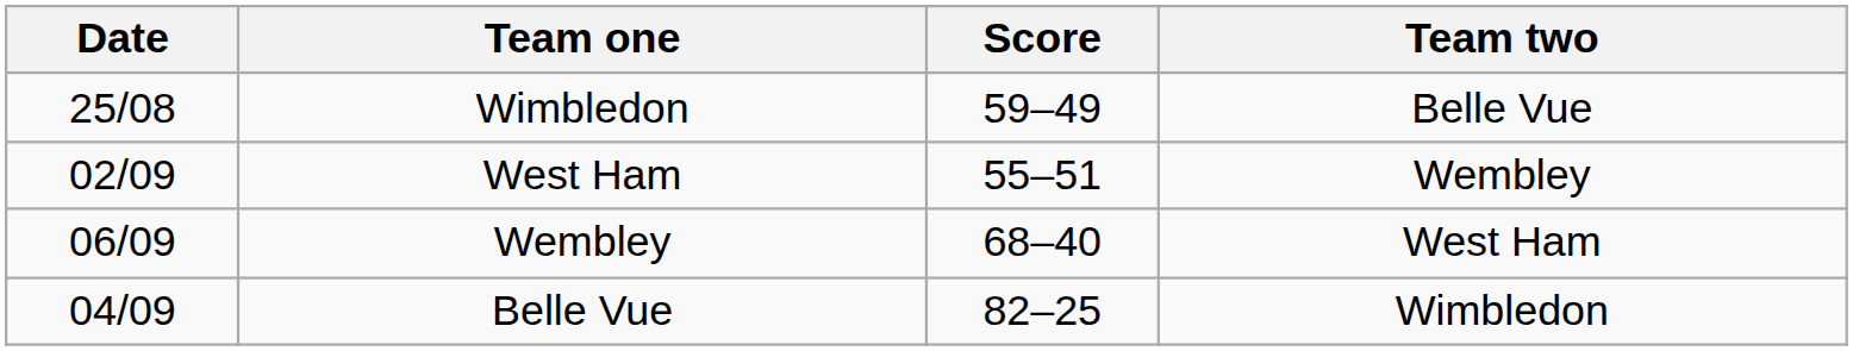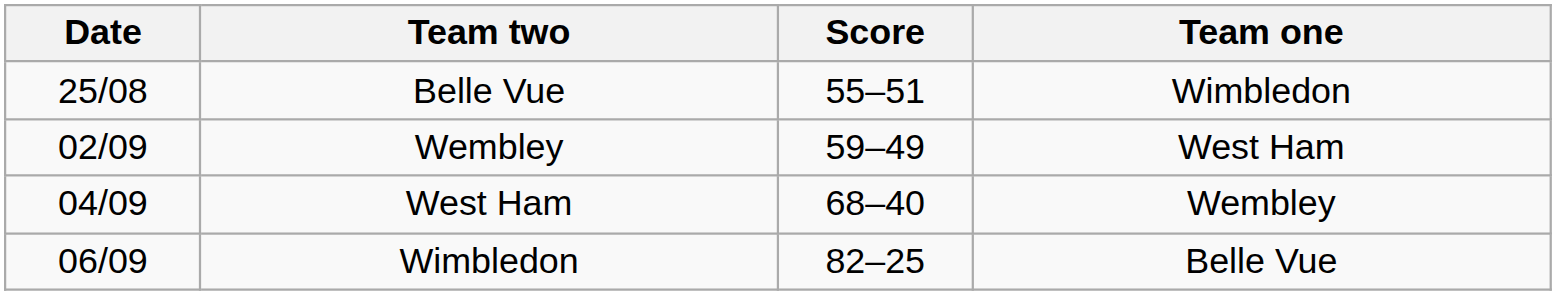 <table class="wikitable" style="text-align: center">
 <tr>
 <th width=80>Date</th>
+<th width=250>Team two</th>
+<th width=80>Score</th>
 <th width=250>Team one</th>
-<th width=80>Score</th>
-<th width=250>Team two</th>
 </tr>
 <tr>
 <td>25/08</td>
+<td>Belle Vue</td>
+<td>55–51</td>
 <td>Wimbledon</td>
-<td>59–49</td>
-<td>Belle Vue</td>
 </tr>
 <tr>
 <td>02/09</td>
+<td>Wembley</td>
+<td>59–49</td>
 <td>West Ham</td>
-<td>55–51</td>
+</tr>
+<tr>
+<td>04/09</td>
+<td>West Ham</td>
+<td>68–40</td>
 <td>Wembley</td>
 </tr>
 <tr>
 <td>06/09</td>
-<td>Wembley</td>
-<td>68–40</td>
-<td>West Ham</td>
-</tr>
-<tr>
-<td>04/09</td>
+<td>Wimbledon</td>
+<td>82–25</td>
 <td>Belle Vue</td>
-<td>82–25</td>
-<td>Wimbledon</td>
 </tr>
 </table>
